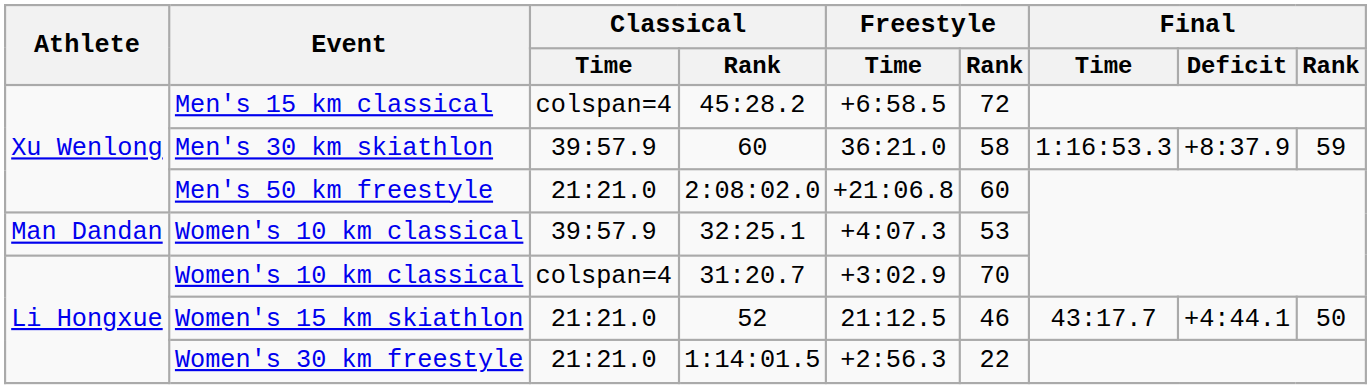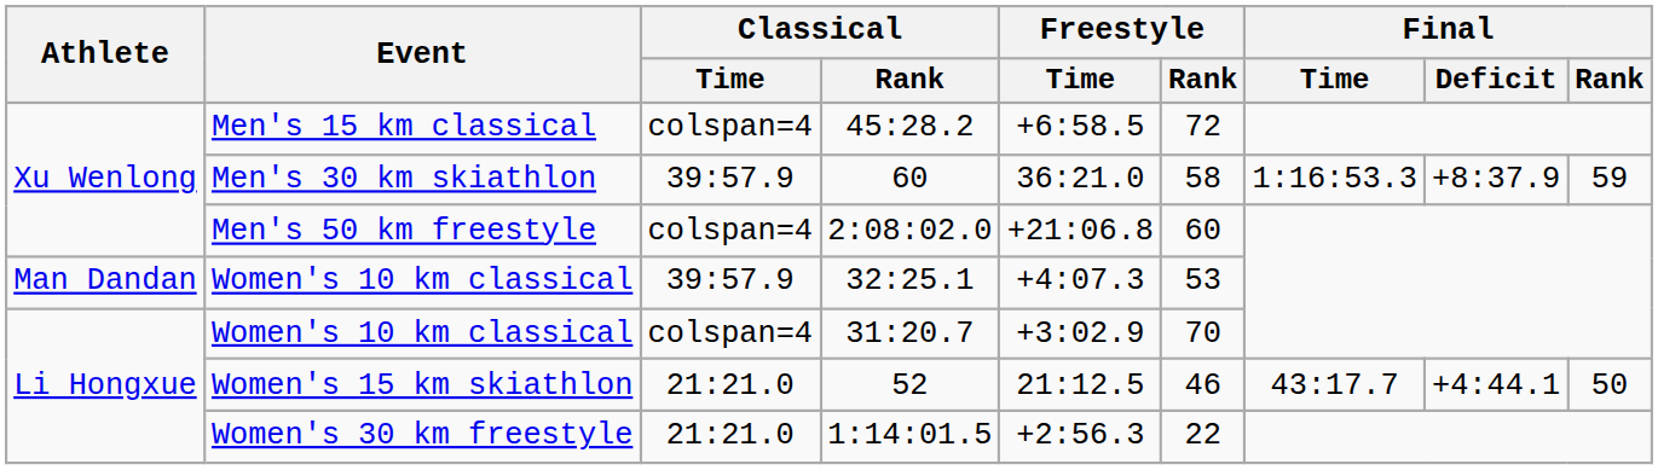 <table class="wikitable" style="font-size:90%">
 <tr>
 <th rowspan=2>Athlete</th>
 <th rowspan=2>Event</th>
 <th colspan=2>Classical</th>
 <th colspan=2>Freestyle</th>
 <th colspan=3>Final</th>
 </tr>
 <tr style="font-size: 95%">
 <th>Time</th>
 <th>Rank</th>
 <th>Time</th>
 <th>Rank</th>
 <th>Time</th>
 <th>Deficit</th>
 <th>Rank</th>
 </tr>
 <tr align=center>
 <td align=left rowspan=3><a href='#'>Xu Wenlong</a></td>
 <td align=left><a href='#'>Men's 15 km classical</a></td>
 <td>colspan=4 </td>
 <td>45:28.2</td>
 <td>+6:58.5</td>
 <td>72</td>
 </tr>
 <tr align=center>
 <td align=left><a href='#'>Men's 30 km skiathlon</a></td>
 <td>39:57.9</td>
 <td>60</td>
 <td>36:21.0</td>
 <td>58</td>
 <td>1:16:53.3</td>
 <td>+8:37.9</td>
 <td>59</td>
 </tr>
 <tr align=center>
 <td align=left><a href='#'>Men's 50 km freestyle</a></td>
-<td>21:21.0</td>
+<td>colspan=4 </td>
 <td>2:08:02.0</td>
 <td>+21:06.8</td>
 <td>60</td>
 </tr>
 <tr align=center>
 <td align=left><a href='#'>Man Dandan</a></td>
 <td align=left><a href='#'>Women's 10 km classical</a></td>
 <td>39:57.9</td>
 <td>32:25.1</td>
 <td>+4:07.3</td>
 <td>53</td>
 </tr>
 <tr align=center>
 <td align=left rowspan=3><a href='#'>Li Hongxue</a></td>
 <td align=left><a href='#'>Women's 10 km classical</a></td>
 <td>colspan=4 </td>
 <td>31:20.7</td>
 <td>+3:02.9</td>
 <td>70</td>
 </tr>
 <tr align=center>
 <td align=left><a href='#'>Women's 15 km skiathlon</a></td>
 <td>21:21.0</td>
 <td>52</td>
 <td>21:12.5</td>
 <td>46</td>
 <td>43:17.7</td>
 <td>+4:44.1</td>
 <td>50</td>
 </tr>
 <tr align=center>
 <td align=left><a href='#'>Women's 30 km freestyle</a></td>
 <td>21:21.0</td>
 <td>1:14:01.5</td>
 <td>+2:56.3</td>
 <td>22</td>
 </tr>
 </table>
